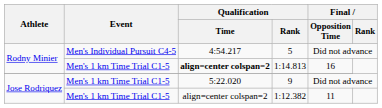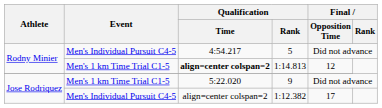 <table class="wikitable" style="font-size:90%">
 <tr>
 <th rowspan=2>Athlete</th>
 <th rowspan=2>Event</th>
 <th colspan=2>Qualification</th>
 <th colspan=2>Final / </th>
 </tr>
 <tr style="font-size:95%">
 <th>Time</th>
 <th>Rank</th>
 <th>Opposition<br>Time</th>
 <th>Rank</th>
 </tr>
 <tr align=center>
 <td align=left rowspan=2><a href='#'>Rodny Minier</a></td>
 <td align=left><a href='#'>Men's Individual Pursuit C4-5</a></td>
 <td>4:54.217</td>
 <td>5</td>
 <td colspan=2>Did not advance</td>
 </tr>
 <tr align=center>
 <td align=left><a href='#'>Men's 1 km Time Trial C1-5</a></td>
 <td><strong>align=center colspan=2 </strong></td>
 <td>1:14.813</td>
-<td>16</td>
+<td>12</td>
 </tr>
 <tr>
 </tr>
 <tr align=center>
 <td align=left rowspan=2><a href='#'>Jose Rodriquez</a></td>
 <td align=left><a href='#'>Men's 1 km Time Trial C1-5</a></td>
 <td>5:22.020</td>
 <td>9</td>
 <td colspan=2>Did not advance</td>
 </tr>
 <tr align=center>
-<td align=left><a href='#'>Men's 1 km Time Trial C1-5</a></td>
+<td align=left><a href='#'>Men's Individual Pursuit C4-5</a></td>
 <td>align=center colspan=2 </td>
 <td>1:12.382</td>
-<td>11</td>
+<td>17</td>
 </tr>
 </table>
